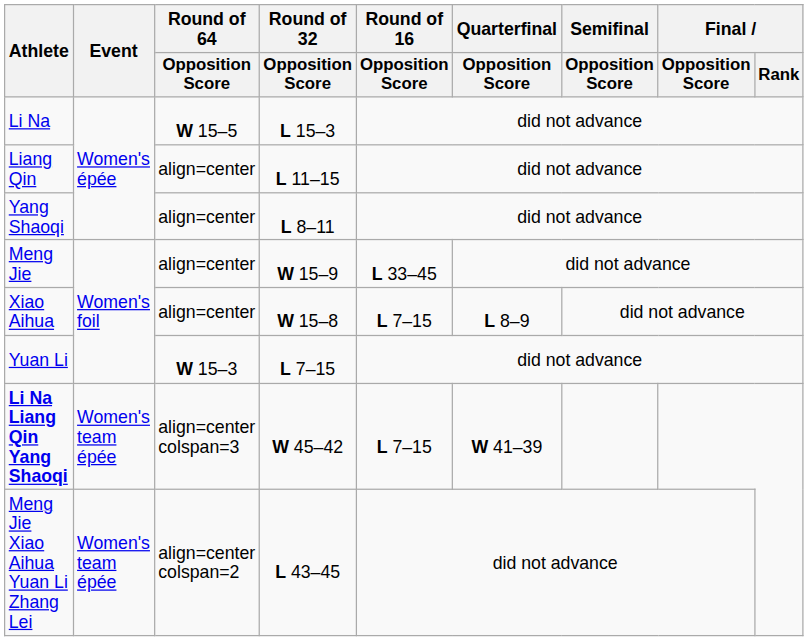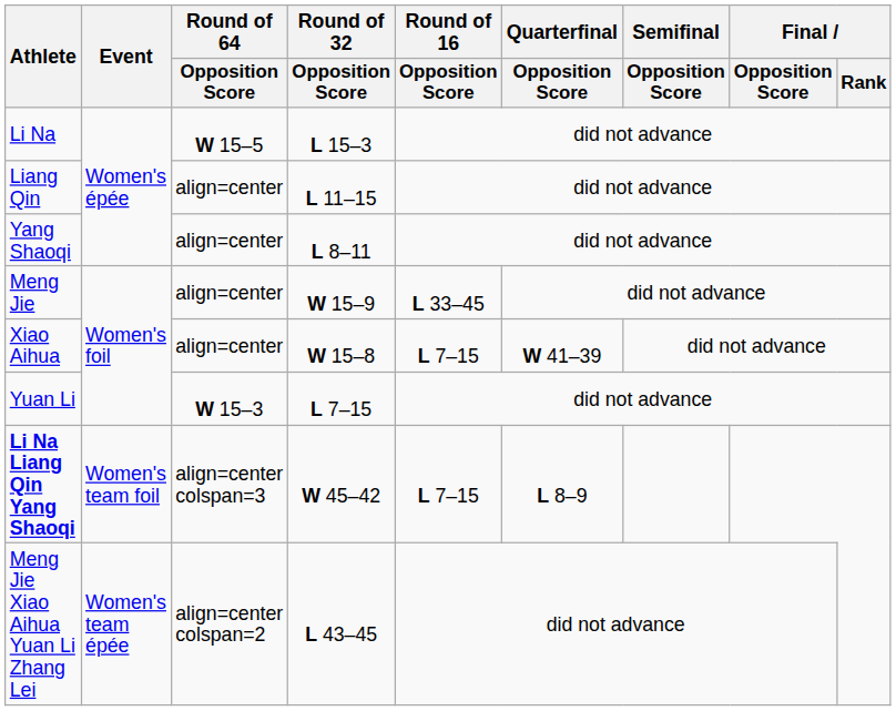 <table class="wikitable" style="font-size:90%">
 <tr>
 <th rowspan="2">Athlete</th>
 <th rowspan="2">Event</th>
 <th>Round of 64</th>
 <th>Round of 32</th>
 <th>Round of 16</th>
 <th>Quarterfinal</th>
 <th>Semifinal</th>
 <th colspan=2>Final / </th>
 </tr>
 <tr style="font-size:95%">
 <th>Opposition <br> Score</th>
 <th>Opposition <br> Score</th>
 <th>Opposition <br> Score</th>
 <th>Opposition <br> Score</th>
 <th>Opposition <br> Score</th>
 <th>Opposition <br> Score</th>
 <th>Rank</th>
 </tr>
 <tr>
 <td align=left><a href='#'>Li Na</a></td>
 <td align=left rowspan=3><a href='#'>Women's épée</a></td>
 <td align=center><br><strong>W</strong> 15–5</td>
 <td align=center><br><strong>L</strong> 15–3</td>
 <td align=center colspan=5>did not advance</td>
 </tr>
 <tr>
 <td align=left><a href='#'>Liang Qin</a></td>
 <td>align=center </td>
 <td align=center><br><strong>L</strong> 11–15</td>
 <td align=center colspan=5>did not advance</td>
 </tr>
 <tr>
 <td align=left><a href='#'>Yang Shaoqi</a></td>
 <td>align=center </td>
 <td align=center><br><strong>L</strong> 8–11</td>
 <td align=center colspan=5>did not advance</td>
 </tr>
 <tr>
 <td align=left><a href='#'>Meng Jie</a></td>
 <td align=left rowspan=3><a href='#'>Women's foil</a></td>
 <td>align=center </td>
 <td align=center><br><strong>W</strong> 15–9</td>
 <td align=center><br><strong>L</strong> 33–45</td>
 <td align=center colspan=4>did not advance</td>
 </tr>
 <tr>
 <td align=left><a href='#'>Xiao Aihua</a></td>
 <td>align=center </td>
 <td align=center><br><strong>W</strong> 15–8</td>
 <td align=center><br><strong>L</strong> 7–15</td>
-<td align=center><br><strong>L</strong> 8–9</td>
+<td align=center><br><strong>W</strong> 41–39</td>
 <td align=center colspan=3>did not advance</td>
 </tr>
 <tr>
 <td align=left><a href='#'>Yuan Li</a></td>
 <td align=center><br><strong>W</strong> 15–3</td>
 <td align=center><br><strong>L</strong> 7–15</td>
 <td align=center colspan=5>did not advance</td>
 </tr>
 <tr>
 <td align=left><strong><a href='#'>Li Na</a></strong><br> <strong><a href='#'>Liang Qin</a></strong><br> <strong><a href='#'>Yang Shaoqi</a></strong></td>
-<td align=left><a href='#'>Women's team épée</a></td>
+<td align=left><a href='#'>Women's team foil</a></td>
 <td>align=center colspan=3 </td>
 <td align=center><br><strong>W</strong> 45–42</td>
 <td align=center><br><strong>L</strong> 7–15</td>
-<td align=center><br><strong>W</strong> 41–39</td>
+<td align=center><br><strong>L</strong> 8–9</td>
 <td align=center></td>
 </tr>
 <tr>
 <td align=left><a href='#'>Meng Jie</a><br> <a href='#'>Xiao Aihua</a><br> <a href='#'>Yuan Li</a><br> <a href='#'>Zhang Lei</a></td>
 <td align=left><a href='#'>Women's team épée</a></td>
 <td>align=center colspan=2 </td>
 <td align=center><br><strong>L</strong> 43–45</td>
 <td align=center colspan=4>did not advance</td>
 </tr>
 </table>
